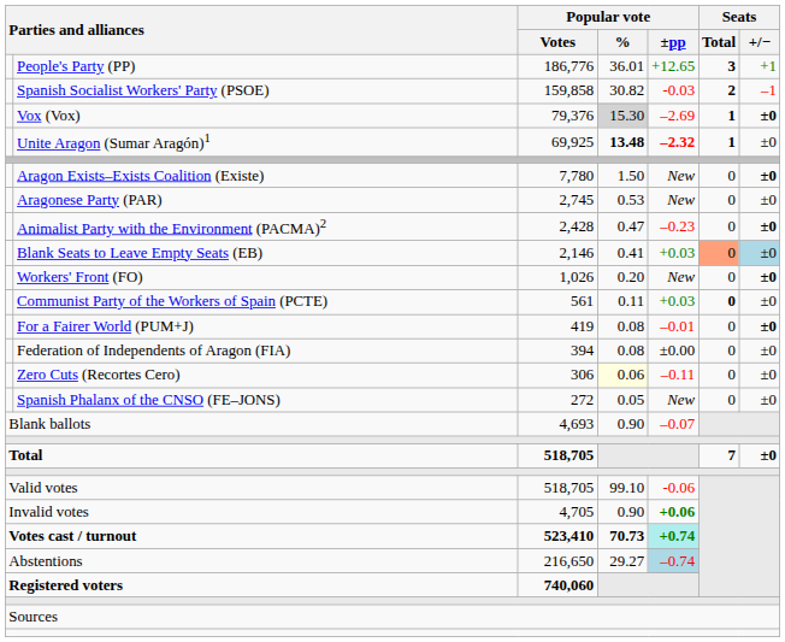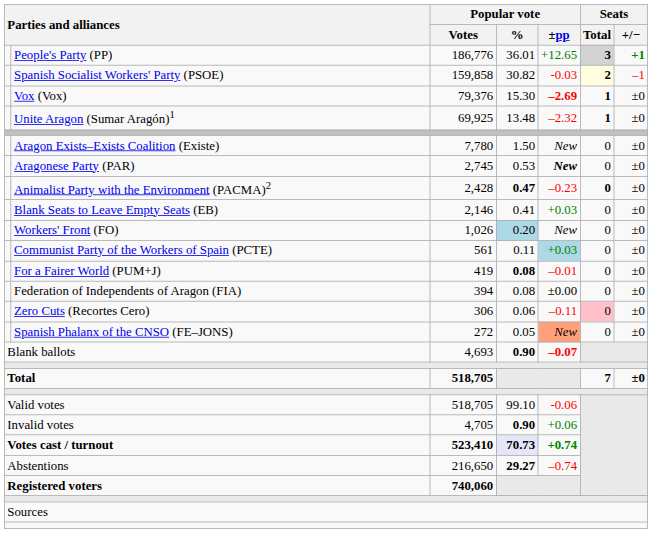 <table class="wikitable" style="text-align:right;">
 <tr>
 <th style="text-align:left;" rowspan="2" colspan="2" width="525">Parties and alliances</th>
 <th colspan="3">Popular vote</th>
 <th colspan="2">Seats</th>
 </tr>
 <tr>
 <th width="75">Votes</th>
 <th width="45">%</th>
 <th width="45">±<a href='#'>pp</a></th>
 <th width="35">Total</th>
 <th width="35">+/−</th>
 </tr>
 <tr>
 <td width="1" style="color:inherit;background:"></td>
 <td align="left"><a href='#'>People's Party</a> (PP)</td>
 <td>186,776</td>
 <td>36.01</td>
 <td style="color:green;">+12.65</td>
-<td><strong>3</strong></td>
-<td style="color:green;">+1</td>
+<td style="background: lightgrey;"><strong>3</strong></td>
+<td style="color:green;"><strong>+1</strong></td>
 </tr>
 <tr>
 <td style="color:inherit;background:"></td>
 <td align="left"><a href='#'>Spanish Socialist Workers' Party</a> (PSOE)</td>
 <td>159,858</td>
 <td>30.82</td>
 <td style="color:red;">-0.03</td>
-<td><strong>2</strong></td>
+<td style="background: lightyellow;"><strong>2</strong></td>
 <td style="color:red;">–1</td>
 </tr>
 <tr>
 <td style="color:inherit;background:"></td>
 <td align="left"><a href='#'>Vox</a> (Vox)</td>
 <td>79,376</td>
-<td style="background: lightgrey;">15.30</td>
-<td style="color:red;">–2.69</td>
+<td>15.30</td>
+<td style="color:red;"><strong>–2.69</strong></td>
 <td><strong>1</strong></td>
-<td><strong>±0</strong></td>
+<td>±0</td>
 </tr>
 <tr>
 <td style="color:inherit;background:"></td>
 <td align="left"><a href='#'>Unite Aragon</a> (Sumar Aragón)<sup>1</sup></td>
 <td>69,925</td>
-<td><strong>13.48</strong></td>
-<td style="color:red;"><strong>–2.32</strong></td>
+<td>13.48</td>
+<td style="color:red;">–2.32</td>
 <td><strong>1</strong></td>
 <td>±0</td>
 </tr>
 <tr>
 <td colspan="7" bgcolor="#C0C0C0"></td>
 </tr>
 <tr>
 <td style="color:inherit;background:"></td>
 <td align="left"><a href='#'>Aragon Exists–Exists Coalition</a> (Existe)</td>
 <td>7,780</td>
 <td>1.50</td>
 <td><em>New</em></td>
 <td>0</td>
-<td><strong>±0</strong></td>
+<td>±0</td>
 </tr>
 <tr>
 <td style="color:inherit;background:"></td>
 <td align="left"><a href='#'>Aragonese Party</a> (PAR)</td>
 <td>2,745</td>
 <td>0.53</td>
-<td><em>New</em></td>
+<td><strong><em>New</em></strong></td>
 <td>0</td>
 <td>±0</td>
 </tr>
 <tr>
 <td style="color:inherit;background:"></td>
 <td align="left"><a href='#'>Animalist Party with the Environment</a> (PACMA)<sup>2</sup></td>
 <td>2,428</td>
-<td>0.47</td>
+<td><strong>0.47</strong></td>
 <td style="color:red;">–0.23</td>
-<td>0</td>
-<td><strong>±0</strong></td>
+<td><strong>0</strong></td>
+<td>±0</td>
 </tr>
 <tr>
 <td style="color:inherit;background:"></td>
 <td align="left"><a href='#'>Blank Seats to Leave Empty Seats</a> (EB)</td>
 <td>2,146</td>
 <td>0.41</td>
 <td style="color:green;">+0.03</td>
-<td style="background: lightsalmon;">0</td>
-<td style="background: lightblue;">±0</td>
+<td>0</td>
+<td>±0</td>
 </tr>
 <tr>
 <td style="color:inherit;background:"></td>
 <td align="left"><a href='#'>Workers' Front</a> (FO)</td>
 <td>1,026</td>
-<td>0.20</td>
+<td style="background: lightblue;">0.20</td>
 <td><em>New</em></td>
 <td>0</td>
-<td><strong>±0</strong></td>
+<td>±0</td>
 </tr>
 <tr>
 <td style="color:inherit;background:"></td>
 <td align="left"><a href='#'>Communist Party of the Workers of Spain</a> (PCTE)</td>
 <td>561</td>
 <td>0.11</td>
-<td style="color:green;">+0.03</td>
-<td><strong>0</strong></td>
+<td style="background: lightblue; color:green;">+0.03</td>
+<td>0</td>
 <td>±0</td>
 </tr>
 <tr>
 <td style="color:inherit;background:"></td>
 <td align="left"><a href='#'>For a Fairer World</a> (PUM+J)</td>
 <td>419</td>
-<td>0.08</td>
+<td><strong>0.08</strong></td>
 <td style="color:red;">–0.01</td>
 <td>0</td>
-<td><strong>±0</strong></td>
+<td>±0</td>
 </tr>
 <tr>
 <td style="color:inherit;background:"></td>
 <td align="left">Federation of Independents of Aragon (FIA)</td>
 <td>394</td>
 <td>0.08</td>
 <td>±0.00</td>
 <td>0</td>
 <td>±0</td>
 </tr>
 <tr>
 <td style="color:inherit;background:"></td>
 <td align="left"><a href='#'>Zero Cuts</a> (Recortes Cero)</td>
 <td>306</td>
-<td style="background: lightyellow;">0.06</td>
+<td>0.06</td>
 <td style="color:red;">–0.11</td>
-<td>0</td>
+<td style="background: pink;">0</td>
 <td>±0</td>
 </tr>
 <tr>
 <td style="color:inherit;background:"></td>
 <td align="left"><a href='#'>Spanish Phalanx of the CNSO</a> (FE–JONS)</td>
 <td>272</td>
 <td>0.05</td>
-<td><em>New</em></td>
+<td style="background: lightsalmon;"><em>New</em></td>
 <td>0</td>
 <td>±0</td>
 </tr>
 <tr>
 <td align="left" colspan="2">Blank ballots</td>
 <td>4,693</td>
-<td>0.90</td>
-<td style="color:red;">–0.07</td>
+<td><strong>0.90</strong></td>
+<td style="color:red;"><strong>–0.07</strong></td>
 <td bgcolor="#E9E9E9" colspan="2"></td>
 </tr>
 <tr>
 <td colspan="7" bgcolor="#E9E9E9"></td>
 </tr>
 <tr style="font-weight:bold;">
 <td align="left" colspan="2">Total</td>
 <td>518,705</td>
 <td bgcolor="#E9E9E9" colspan="2"></td>
 <td>7</td>
 <td>±0</td>
 </tr>
 <tr>
 <td colspan="7" bgcolor="#E9E9E9"></td>
 </tr>
 <tr>
 <td align="left" colspan="2">Valid votes</td>
 <td>518,705</td>
 <td>99.10</td>
 <td style="color:red;">-0.06</td>
 <td bgcolor="#E9E9E9" colspan="2" rowspan="5"></td>
 </tr>
 <tr>
 <td align="left" colspan="2">Invalid votes</td>
 <td>4,705</td>
-<td>0.90</td>
-<td style="color:green;"><strong>+0.06</strong></td>
+<td><strong>0.90</strong></td>
+<td style="color:green;">+0.06</td>
 </tr>
 <tr style="font-weight:bold;">
 <td align="left" colspan="2">Votes cast / turnout</td>
 <td>523,410</td>
-<td>70.73</td>
-<td style="background: paleturquoise; color:green;">+0.74</td>
+<td style="background: lavender;">70.73</td>
+<td style="color:green;">+0.74</td>
 </tr>
 <tr>
 <td align="left" colspan="2">Abstentions</td>
 <td>216,650</td>
-<td>29.27</td>
-<td style="background: lightblue; color:red;">–0.74</td>
+<td><strong>29.27</strong></td>
+<td style="color:red;">–0.74</td>
 </tr>
 <tr style="font-weight:bold;">
 <td align="left" colspan="2">Registered voters</td>
 <td>740,060</td>
 <td bgcolor="#E9E9E9" colspan="2"></td>
 </tr>
 <tr>
 <td colspan="7" bgcolor="#E9E9E9"></td>
 </tr>
 <tr>
 <td align="left" colspan="7">Sources</td>
 </tr>
 <tr>
 <td colspan="7" style="text-align:left; max-width:790px;"></td>
 </tr>
 </table>
